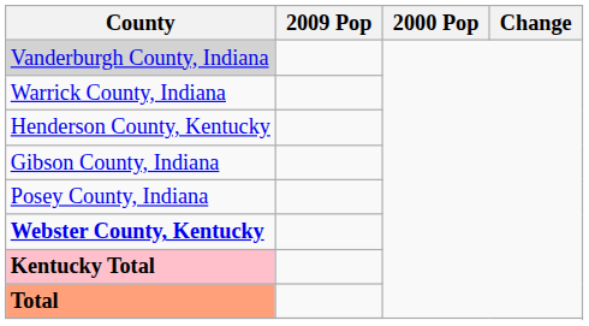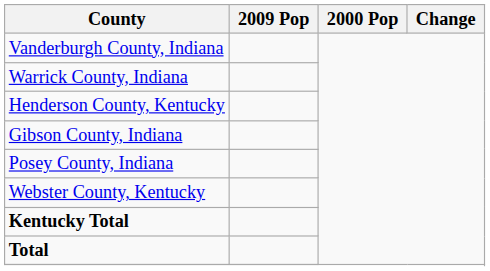 <table class=wikitable>
 <tr>
 <th>County</th>
 <th> 2009 Pop </th>
 <th> 2000 Pop </th>
 <th> Change </th>
 </tr>
 <tr>
-<td style="background: lightgrey;"><a href='#'><span>Vanderburgh County, Indiana</span></a></td>
+<td><a href='#'><span>Vanderburgh County, Indiana</span></a></td>
 <td></td>
 </tr>
 <tr>
 <td><a href='#'><span>Warrick County, Indiana</span></a></td>
 <td></td>
 </tr>
 <tr>
 <td><a href='#'>Henderson County, Kentucky</a></td>
 <td></td>
 </tr>
 <tr>
 <td><a href='#'><span>Gibson County, Indiana</span></a></td>
 <td></td>
 </tr>
 <tr>
 <td><a href='#'><span>Posey County, Indiana</span></a></td>
 <td></td>
 </tr>
 <tr>
-<td><strong><a href='#'>Webster County, Kentucky</a></strong></td>
+<td><a href='#'>Webster County, Kentucky</a></td>
 <td></td>
 </tr>
 <tr>
-<td style="background: pink;"><strong> Kentucky Total</strong></td>
+<td><strong> Kentucky Total</strong></td>
 <td></td>
 </tr>
 <tr>
-<td style="background: lightsalmon;"><strong>Total</strong></td>
+<td><strong>Total</strong></td>
 <td></td>
 </tr>
 <tr>
 </tr>
 </table>
